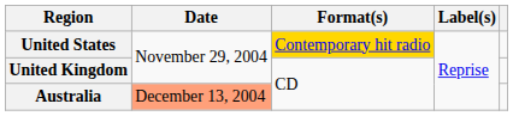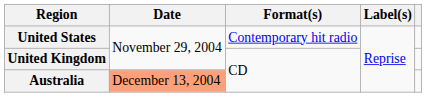 <table class="wikitable plainrowheaders">
 <tr>
 <th scope="col">Region</th>
 <th scope="col">Date</th>
 <th scope="col">Format(s)</th>
 <th scope="col">Label(s)</th>
 <th scope="col"></th>
 </tr>
 <tr>
 <th scope="row">United States</th>
 <td rowspan="2">November 29, 2004</td>
-<td style="background: gold;"><a href='#'>Contemporary hit radio</a></td>
+<td><a href='#'>Contemporary hit radio</a></td>
 <td rowspan="3"><a href='#'>Reprise</a></td>
 <td align="center"></td>
 </tr>
 <tr>
 <th scope="row">United Kingdom</th>
 <td rowspan="2">CD</td>
 <td align="center"></td>
 </tr>
 <tr>
 <th scope="row">Australia</th>
 <td style="background: lightsalmon;">December 13, 2004</td>
 <td align="center"></td>
 </tr>
 </table>
